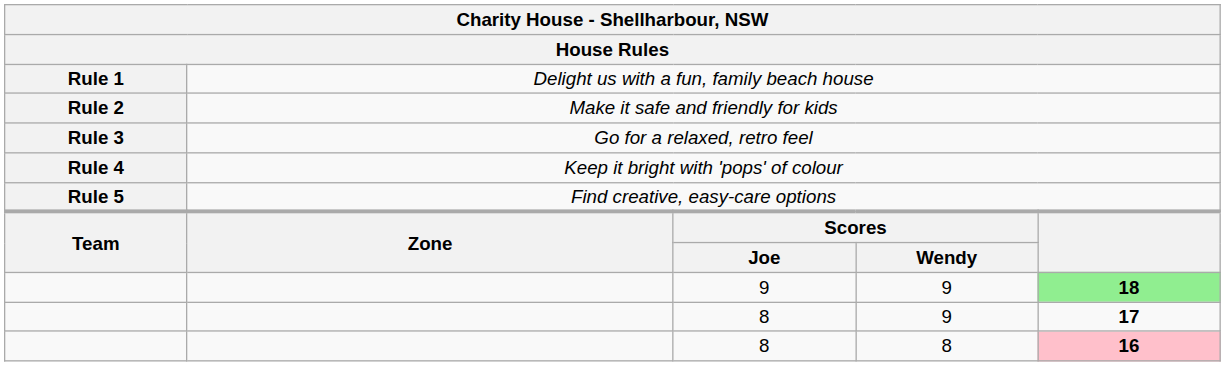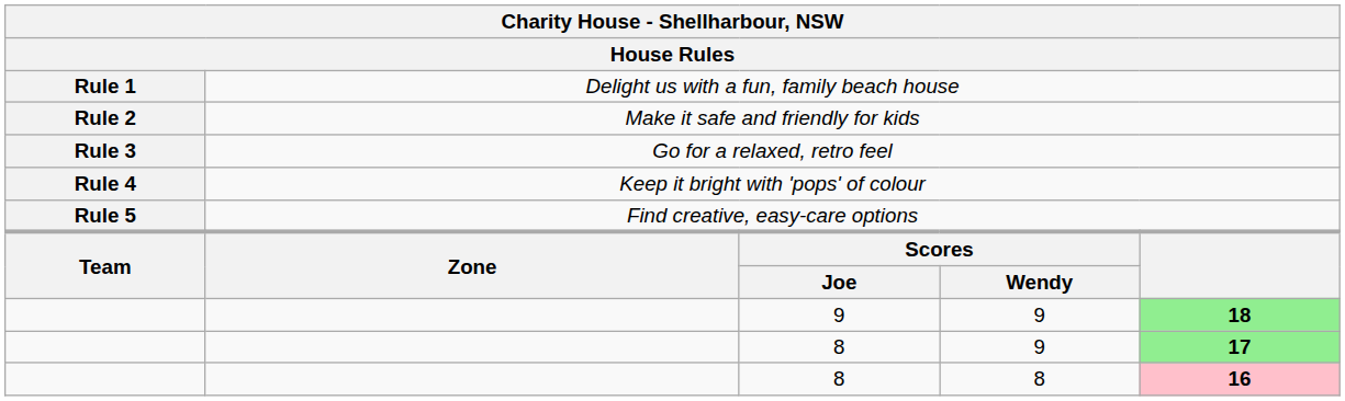 <table class="wikitable plainrowheaders" style="text-align:center; font-size:90%; width:65em;">
 <tr>
 <th colspan="5" >Charity House - Shellharbour, NSW</th>
 </tr>
 <tr>
 <th colspan="5">House Rules</th>
 </tr>
 <tr>
 <th>Rule 1</th>
 <td colspan="5"><em>Delight us with a fun, family beach house</em></td>
 </tr>
 <tr>
 <th>Rule 2</th>
 <td colspan="5"><em>Make it safe and friendly for kids</em></td>
 </tr>
 <tr>
 <th>Rule 3</th>
 <td colspan="5"><em>Go for a relaxed, retro feel</em></td>
 </tr>
 <tr>
 <th>Rule 4</th>
 <td colspan="5"><em>Keep it bright with 'pops' of colour</em></td>
 </tr>
 <tr>
 <th>Rule 5</th>
 <td colspan="5"><em>Find creative, easy-care options</em></td>
 </tr>
 <tr>
 </tr>
 <tr style="border-top:3px solid #aaa;">
 <th rowspan="2">Team</th>
 <th rowspan="2" style="width:40%;">Zone</th>
 <th colspan="2" style="width:30%;">Scores</th>
 <th rowspan="2" style="width:20%;"></th>
 </tr>
 <tr>
 <th style="width:15%;">Joe</th>
 <th style="width:15%;">Wendy</th>
 </tr>
 <tr>
 <td style="width:15%;"></td>
 <td></td>
 <td>9</td>
 <td>9</td>
 <td bgcolor="lightgreen"><strong>18</strong></td>
 </tr>
 <tr>
 <td style="width:15%;"></td>
 <td></td>
 <td>8</td>
 <td>9</td>
-<td><strong>17</strong></td>
+<td style="background: lightgreen;"><strong>17</strong></td>
 </tr>
 <tr>
 <td style="width:15%;"></td>
 <td></td>
 <td>8</td>
 <td>8</td>
 <td bgcolor="pink"><strong>16</strong></td>
 </tr>
 </table>
